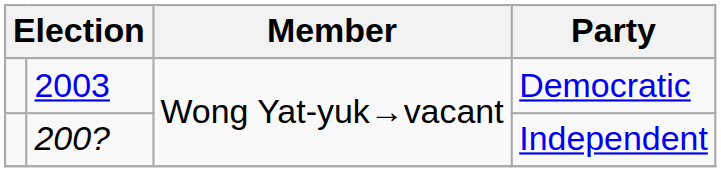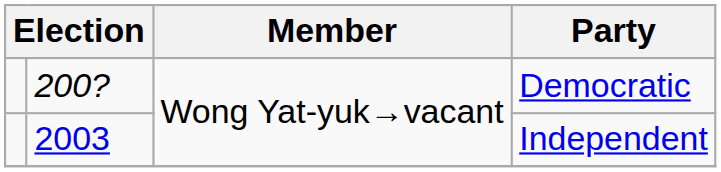 <table class="wikitable">
 <tr>
 <th colspan="2">Election</th>
 <th>Member</th>
 <th>Party</th>
 </tr>
 <tr>
 <td style="background-color:"></td>
-<td><a href='#'>2003</a></td>
+<td><em>200?</em></td>
 <td rowspan=2>Wong Yat-yuk→vacant</td>
 <td><a href='#'>Democratic</a></td>
 </tr>
 <tr>
 <td style="background-color:"></td>
-<td><em>200?</em></td>
+<td><a href='#'>2003</a></td>
 <td><a href='#'>Independent</a></td>
 </tr>
 <tr>
 </tr>
 </table>
